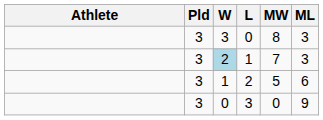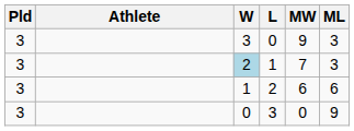 <table class="wikitable" style="text-align:center">
 <tr>
+<th width=20>Pld</th>
 <th width=200>Athlete</th>
-<th width=20>Pld</th>
 <th width=20>W</th>
 <th width=20>L</th>
 <th width=20>MW</th>
 <th width=20>ML</th>
 </tr>
 <tr>
+<td>3</td>
 <td style="text-align:left"></td>
 <td>3</td>
-<td>3</td>
 <td>0</td>
-<td>8</td>
+<td>9</td>
 <td>3</td>
 </tr>
 <tr>
+<td>3</td>
 <td style="text-align:left"></td>
-<td>3</td>
 <td style="background: lightblue;">2</td>
 <td>1</td>
 <td>7</td>
 <td>3</td>
 </tr>
 <tr>
+<td>3</td>
 <td style="text-align:left"></td>
-<td>3</td>
 <td>1</td>
 <td>2</td>
-<td>5</td>
+<td>6</td>
 <td>6</td>
 </tr>
 <tr>
+<td>3</td>
 <td style="text-align:left"></td>
-<td>3</td>
 <td>0</td>
 <td>3</td>
 <td>0</td>
 <td>9</td>
 </tr>
 </table>
